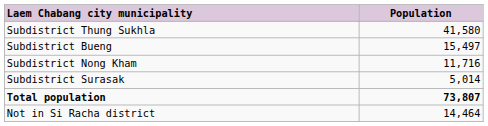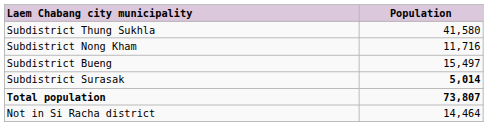 <table class="wikitable" style="width:48%; display:inline-table;">
 <tr>
 <td style= "background: #dcc8dc;"><strong>Laem Chabang city municipality</strong></td>
 <td style= "background: #dcc8dc; text-align:center;"><strong>Population</strong></td>
 </tr>
 <tr>
 <td>Subdistrict Thung Sukhla</td>
 <td style="text-align:right;">41,580</td>
 </tr>
 <tr>
+<td>Subdistrict Nong Kham</td>
+<td style="text-align:right;">11,716</td>
+</tr>
+<tr>
 <td>Subdistrict Bueng</td>
 <td style="text-align:right;">15,497</td>
 </tr>
 <tr>
-<td>Subdistrict Nong Kham</td>
-<td style="text-align:right;">11,716</td>
-</tr>
-<tr>
 <td>Subdistrict Surasak</td>
-<td style="text-align:right;">5,014</td>
+<td style="text-align:right;"><strong>5,014</strong></td>
 </tr>
 <tr>
 <td><strong>Total population</strong></td>
 <td style="text-align:right;"><strong>73,807</strong></td>
 </tr>
 <tr>
 <td>Not in Si Racha district</td>
 <td style="text-align:right;">14,464</td>
 </tr>
 </table>
